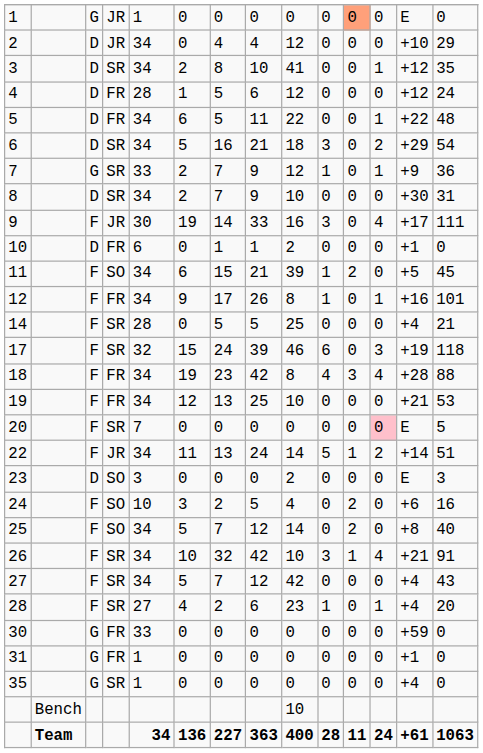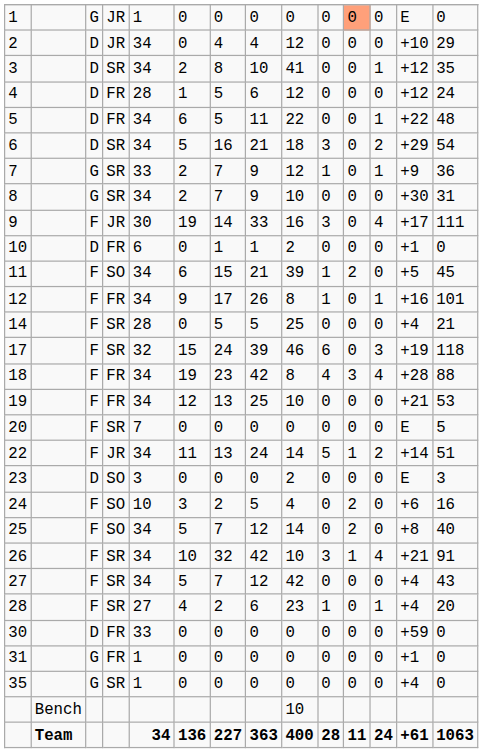 <table class="wikitable sortable">
 <tr>
 </tr>
 <tr>
 <td>1</td>
 <td></td>
 <td>G</td>
 <td>JR</td>
 <td>1</td>
 <td>0</td>
 <td>0</td>
 <td>0</td>
 <td>0</td>
 <td>0</td>
 <td style="background: lightsalmon;">0</td>
 <td>0</td>
 <td>E</td>
 <td>0</td>
 </tr>
 <tr>
 <td>2</td>
 <td></td>
 <td>D</td>
 <td>JR</td>
 <td>34</td>
 <td>0</td>
 <td>4</td>
 <td>4</td>
 <td>12</td>
 <td>0</td>
 <td>0</td>
 <td>0</td>
 <td>+10</td>
 <td>29</td>
 </tr>
 <tr>
 <td>3</td>
 <td></td>
 <td>D</td>
 <td>SR</td>
 <td>34</td>
 <td>2</td>
 <td>8</td>
 <td>10</td>
 <td>41</td>
 <td>0</td>
 <td>0</td>
 <td>1</td>
 <td>+12</td>
 <td>35</td>
 </tr>
 <tr>
 <td>4</td>
 <td></td>
 <td>D</td>
 <td>FR</td>
 <td>28</td>
 <td>1</td>
 <td>5</td>
 <td>6</td>
 <td>12</td>
 <td>0</td>
 <td>0</td>
 <td>0</td>
 <td>+12</td>
 <td>24</td>
 </tr>
 <tr>
 <td>5</td>
 <td></td>
 <td>D</td>
 <td>FR</td>
 <td>34</td>
 <td>6</td>
 <td>5</td>
 <td>11</td>
 <td>22</td>
 <td>0</td>
 <td>0</td>
 <td>1</td>
 <td>+22</td>
 <td>48</td>
 </tr>
 <tr>
 <td>6</td>
 <td></td>
 <td>D</td>
 <td>SR</td>
 <td>34</td>
 <td>5</td>
 <td>16</td>
 <td>21</td>
 <td>18</td>
 <td>3</td>
 <td>0</td>
 <td>2</td>
 <td>+29</td>
 <td>54</td>
 </tr>
 <tr>
 <td>7</td>
 <td></td>
 <td>G</td>
 <td>SR</td>
 <td>33</td>
 <td>2</td>
 <td>7</td>
 <td>9</td>
 <td>12</td>
 <td>1</td>
 <td>0</td>
 <td>1</td>
 <td>+9</td>
 <td>36</td>
 </tr>
 <tr>
 <td>8</td>
 <td></td>
-<td>D</td>
+<td>G</td>
 <td>SR</td>
 <td>34</td>
 <td>2</td>
 <td>7</td>
 <td>9</td>
 <td>10</td>
 <td>0</td>
 <td>0</td>
 <td>0</td>
 <td>+30</td>
 <td>31</td>
 </tr>
 <tr>
 <td>9</td>
 <td></td>
 <td>F</td>
 <td>JR</td>
 <td>30</td>
 <td>19</td>
 <td>14</td>
 <td>33</td>
 <td>16</td>
 <td>3</td>
 <td>0</td>
 <td>4</td>
 <td>+17</td>
 <td>111</td>
 </tr>
 <tr>
 <td>10</td>
 <td></td>
 <td>D</td>
 <td>FR</td>
 <td>6</td>
 <td>0</td>
 <td>1</td>
 <td>1</td>
 <td>2</td>
 <td>0</td>
 <td>0</td>
 <td>0</td>
 <td>+1</td>
 <td>0</td>
 </tr>
 <tr>
 <td>11</td>
 <td></td>
 <td>F</td>
 <td>SO</td>
 <td>34</td>
 <td>6</td>
 <td>15</td>
 <td>21</td>
 <td>39</td>
 <td>1</td>
 <td>2</td>
 <td>0</td>
 <td>+5</td>
 <td>45</td>
 </tr>
 <tr>
 <td>12</td>
 <td></td>
 <td>F</td>
 <td>FR</td>
 <td>34</td>
 <td>9</td>
 <td>17</td>
 <td>26</td>
 <td>8</td>
 <td>1</td>
 <td>0</td>
 <td>1</td>
 <td>+16</td>
 <td>101</td>
 </tr>
 <tr>
 <td>14</td>
 <td></td>
 <td>F</td>
 <td>SR</td>
 <td>28</td>
 <td>0</td>
 <td>5</td>
 <td>5</td>
 <td>25</td>
 <td>0</td>
 <td>0</td>
 <td>0</td>
 <td>+4</td>
 <td>21</td>
 </tr>
 <tr>
 <td>17</td>
 <td></td>
 <td>F</td>
 <td>SR</td>
 <td>32</td>
 <td>15</td>
 <td>24</td>
 <td>39</td>
 <td>46</td>
 <td>6</td>
 <td>0</td>
 <td>3</td>
 <td>+19</td>
 <td>118</td>
 </tr>
 <tr>
 <td>18</td>
 <td></td>
 <td>F</td>
 <td>FR</td>
 <td>34</td>
 <td>19</td>
 <td>23</td>
 <td>42</td>
 <td>8</td>
 <td>4</td>
 <td>3</td>
 <td>4</td>
 <td>+28</td>
 <td>88</td>
 </tr>
 <tr>
 <td>19</td>
 <td></td>
 <td>F</td>
 <td>FR</td>
 <td>34</td>
 <td>12</td>
 <td>13</td>
 <td>25</td>
 <td>10</td>
 <td>0</td>
 <td>0</td>
 <td>0</td>
 <td>+21</td>
 <td>53</td>
 </tr>
 <tr>
 <td>20</td>
 <td></td>
 <td>F</td>
 <td>SR</td>
 <td>7</td>
 <td>0</td>
 <td>0</td>
 <td>0</td>
 <td>0</td>
 <td>0</td>
 <td>0</td>
-<td style="background: pink;">0</td>
+<td>0</td>
 <td>E</td>
 <td>5</td>
 </tr>
 <tr>
 <td>22</td>
 <td></td>
 <td>F</td>
 <td>JR</td>
 <td>34</td>
 <td>11</td>
 <td>13</td>
 <td>24</td>
 <td>14</td>
 <td>5</td>
 <td>1</td>
 <td>2</td>
 <td>+14</td>
 <td>51</td>
 </tr>
 <tr>
 <td>23</td>
 <td></td>
 <td>D</td>
 <td>SO</td>
 <td>3</td>
 <td>0</td>
 <td>0</td>
 <td>0</td>
 <td>2</td>
 <td>0</td>
 <td>0</td>
 <td>0</td>
 <td>E</td>
 <td>3</td>
 </tr>
 <tr>
 <td>24</td>
 <td></td>
 <td>F</td>
 <td>SO</td>
 <td>10</td>
 <td>3</td>
 <td>2</td>
 <td>5</td>
 <td>4</td>
 <td>0</td>
 <td>2</td>
 <td>0</td>
 <td>+6</td>
 <td>16</td>
 </tr>
 <tr>
 <td>25</td>
 <td></td>
 <td>F</td>
 <td>SO</td>
 <td>34</td>
 <td>5</td>
 <td>7</td>
 <td>12</td>
 <td>14</td>
 <td>0</td>
 <td>2</td>
 <td>0</td>
 <td>+8</td>
 <td>40</td>
 </tr>
 <tr>
 <td>26</td>
 <td></td>
 <td>F</td>
 <td>SR</td>
 <td>34</td>
 <td>10</td>
 <td>32</td>
 <td>42</td>
 <td>10</td>
 <td>3</td>
 <td>1</td>
 <td>4</td>
 <td>+21</td>
 <td>91</td>
 </tr>
 <tr>
 <td>27</td>
 <td></td>
 <td>F</td>
 <td>SR</td>
 <td>34</td>
 <td>5</td>
 <td>7</td>
 <td>12</td>
 <td>42</td>
 <td>0</td>
 <td>0</td>
 <td>0</td>
 <td>+4</td>
 <td>43</td>
 </tr>
 <tr>
 <td>28</td>
 <td></td>
 <td>F</td>
 <td>SR</td>
 <td>27</td>
 <td>4</td>
 <td>2</td>
 <td>6</td>
 <td>23</td>
 <td>1</td>
 <td>0</td>
 <td>1</td>
 <td>+4</td>
 <td>20</td>
 </tr>
 <tr>
 <td>30</td>
 <td></td>
-<td>G</td>
+<td>D</td>
 <td>FR</td>
 <td>33</td>
 <td>0</td>
 <td>0</td>
 <td>0</td>
 <td>0</td>
 <td>0</td>
 <td>0</td>
 <td>0</td>
 <td>+59</td>
 <td>0</td>
 </tr>
 <tr>
 <td>31</td>
 <td></td>
 <td>G</td>
 <td>FR</td>
 <td>1</td>
 <td>0</td>
 <td>0</td>
 <td>0</td>
 <td>0</td>
 <td>0</td>
 <td>0</td>
 <td>0</td>
 <td>+1</td>
 <td>0</td>
 </tr>
 <tr>
 <td>35</td>
 <td></td>
 <td>G</td>
 <td>SR</td>
 <td>1</td>
 <td>0</td>
 <td>0</td>
 <td>0</td>
 <td>0</td>
 <td>0</td>
 <td>0</td>
 <td>0</td>
 <td>+4</td>
 <td>0</td>
 </tr>
 <tr>
 <td> </td>
 <td>Bench</td>
 <td></td>
 <td></td>
 <td></td>
 <td></td>
 <td></td>
 <td></td>
 <td>10</td>
 <td></td>
 <td></td>
 <td></td>
 <td></td>
 <td></td>
 </tr>
 <tr class="sortbottom">
 <td></td>
 <td><strong>Team</strong></td>
 <td></td>
 <td></td>
 <td>  <strong>34</strong></td>
 <td><strong>136</strong></td>
 <td><strong>227</strong></td>
 <td><strong>363</strong></td>
 <td><strong>400</strong></td>
 <td><strong>28</strong></td>
 <td><strong>11</strong></td>
 <td><strong>24</strong></td>
 <td><strong>+61</strong></td>
 <td><strong>1063</strong></td>
 </tr>
 </table>
